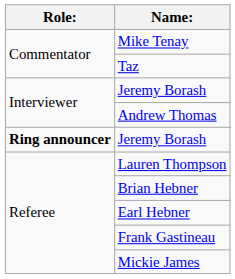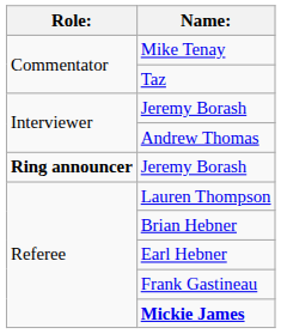 <table class=wikitable style="font-size:90%; margin: 0.5em 0 0.5em 1em; float: right; clear: right;">
 <tr>
 <th>Role:</th>
 <th>Name:</th>
 </tr>
 <tr>
 <td rowspan="2">Commentator</td>
 <td><a href='#'>Mike Tenay</a></td>
 </tr>
 <tr>
 <td><a href='#'>Taz</a></td>
 </tr>
 <tr>
 <td rowspan="2">Interviewer</td>
 <td><a href='#'>Jeremy Borash</a></td>
 </tr>
 <tr>
 <td><a href='#'>Andrew Thomas</a></td>
 </tr>
 <tr>
 <td rowspan="1"><strong>Ring announcer</strong></td>
 <td><a href='#'>Jeremy Borash</a></td>
 </tr>
 <tr>
 <td rowspan="5">Referee</td>
 <td><a href='#'>Lauren Thompson</a></td>
 </tr>
 <tr>
 <td><a href='#'>Brian Hebner</a></td>
 </tr>
 <tr>
 <td><a href='#'>Earl Hebner</a></td>
 </tr>
 <tr>
 <td><a href='#'>Frank Gastineau</a></td>
 </tr>
 <tr>
-<td><a href='#'>Mickie James</a></td>
+<td><strong><a href='#'>Mickie James</a></strong></td>
 </tr>
 </table>
